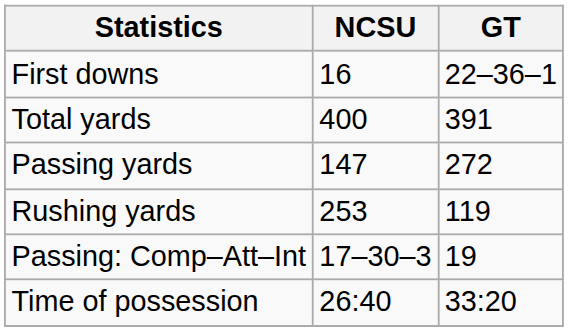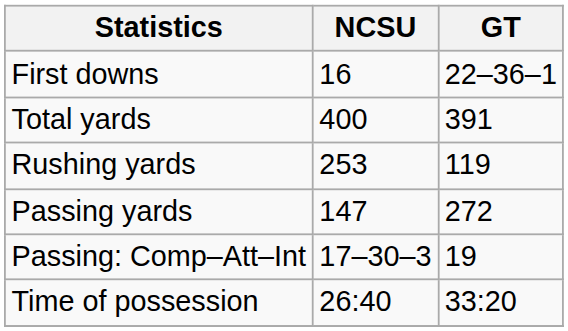 <table class="wikitable" style="float: left;">
 <tr>
 <th>Statistics</th>
 <th>NCSU</th>
 <th>GT</th>
 </tr>
 <tr>
 <td>First downs</td>
 <td>16</td>
 <td>22–36–1</td>
 </tr>
 <tr>
 <td>Total yards</td>
 <td>400</td>
 <td>391</td>
 </tr>
 <tr>
+<td>Rushing yards</td>
+<td>253</td>
+<td>119</td>
+</tr>
+<tr>
 <td>Passing yards</td>
 <td>147</td>
 <td>272</td>
-</tr>
-<tr>
-<td>Rushing yards</td>
-<td>253</td>
-<td>119</td>
 </tr>
 <tr>
 <td>Passing: Comp–Att–Int</td>
 <td>17–30–3</td>
 <td>19</td>
 </tr>
 <tr>
 <td>Time of possession</td>
 <td>26:40</td>
 <td>33:20</td>
 </tr>
 <tr>
 </tr>
 </table>
